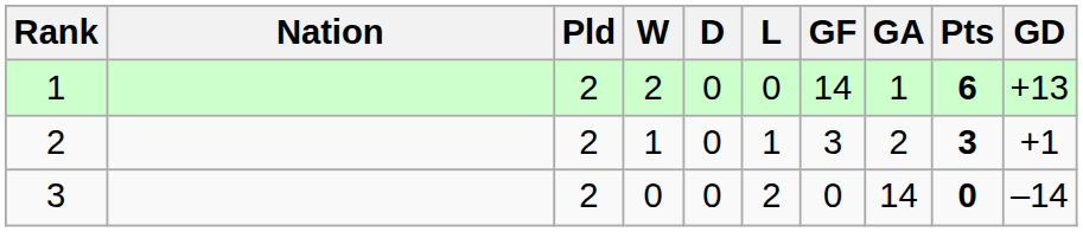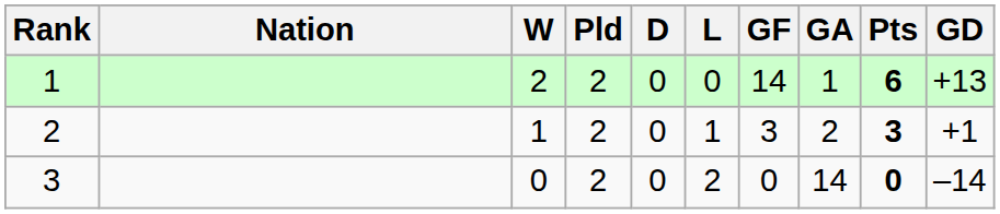 <table class="wikitable" style="text-align: center;">
 <tr>
 <th width=5>Rank</th>
 <th width=200>Nation</th>
+<th width=20>W</th>
 <th width=20>Pld</th>
-<th width=20>W</th>
 <th width=20>D</th>
 <th width=20>L</th>
 <th width=20>GF</th>
 <th width=20>GA</th>
 <th width=20>Pts</th>
 <th width=20>GD</th>
 </tr>
 <tr style="background:#ccffcc">
 <td>1</td>
 <td align=left></td>
 <td>2</td>
 <td>2</td>
 <td>0</td>
 <td>0</td>
 <td>14</td>
 <td>1</td>
 <td><strong>6</strong></td>
 <td>+13</td>
 </tr>
 <tr>
 <td>2</td>
 <td align=left></td>
+<td>1</td>
 <td>2</td>
-<td>1</td>
 <td>0</td>
 <td>1</td>
 <td>3</td>
 <td>2</td>
 <td><strong>3</strong></td>
 <td>+1</td>
 </tr>
 <tr>
 <td>3</td>
 <td align=left></td>
+<td>0</td>
 <td>2</td>
-<td>0</td>
 <td>0</td>
 <td>2</td>
 <td>0</td>
 <td>14</td>
 <td><strong>0</strong></td>
 <td>–14</td>
 </tr>
 </table>
